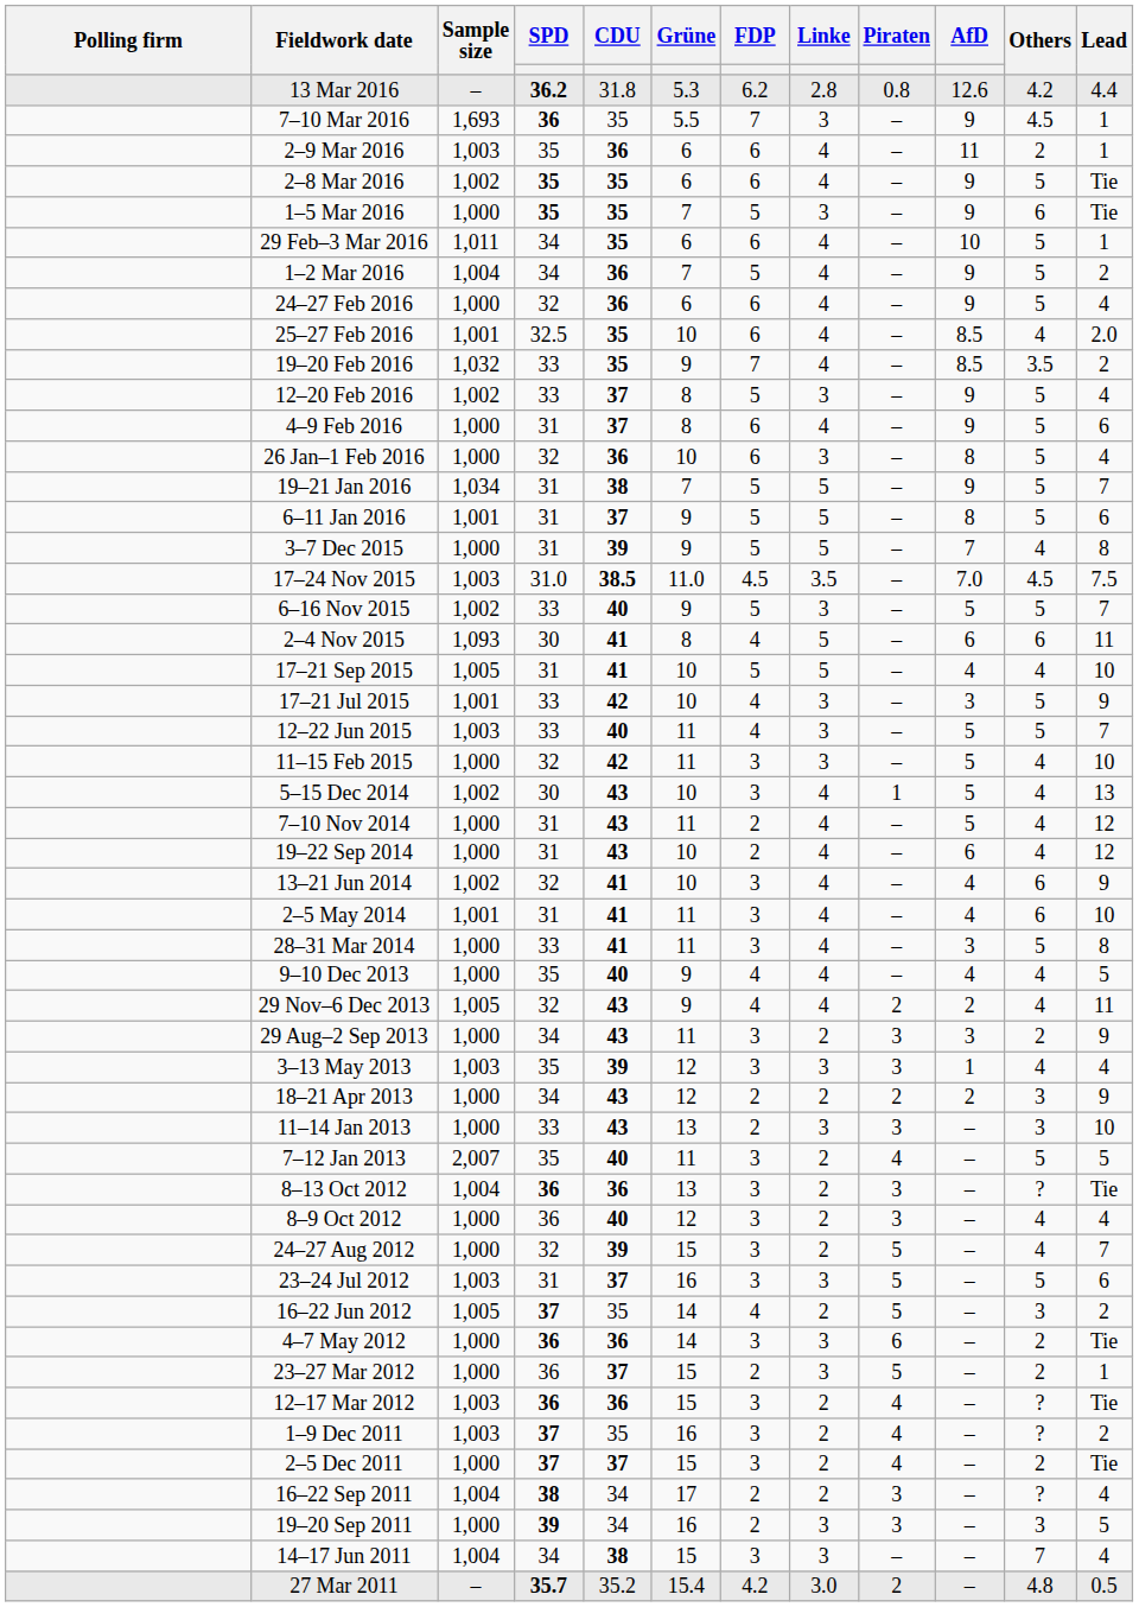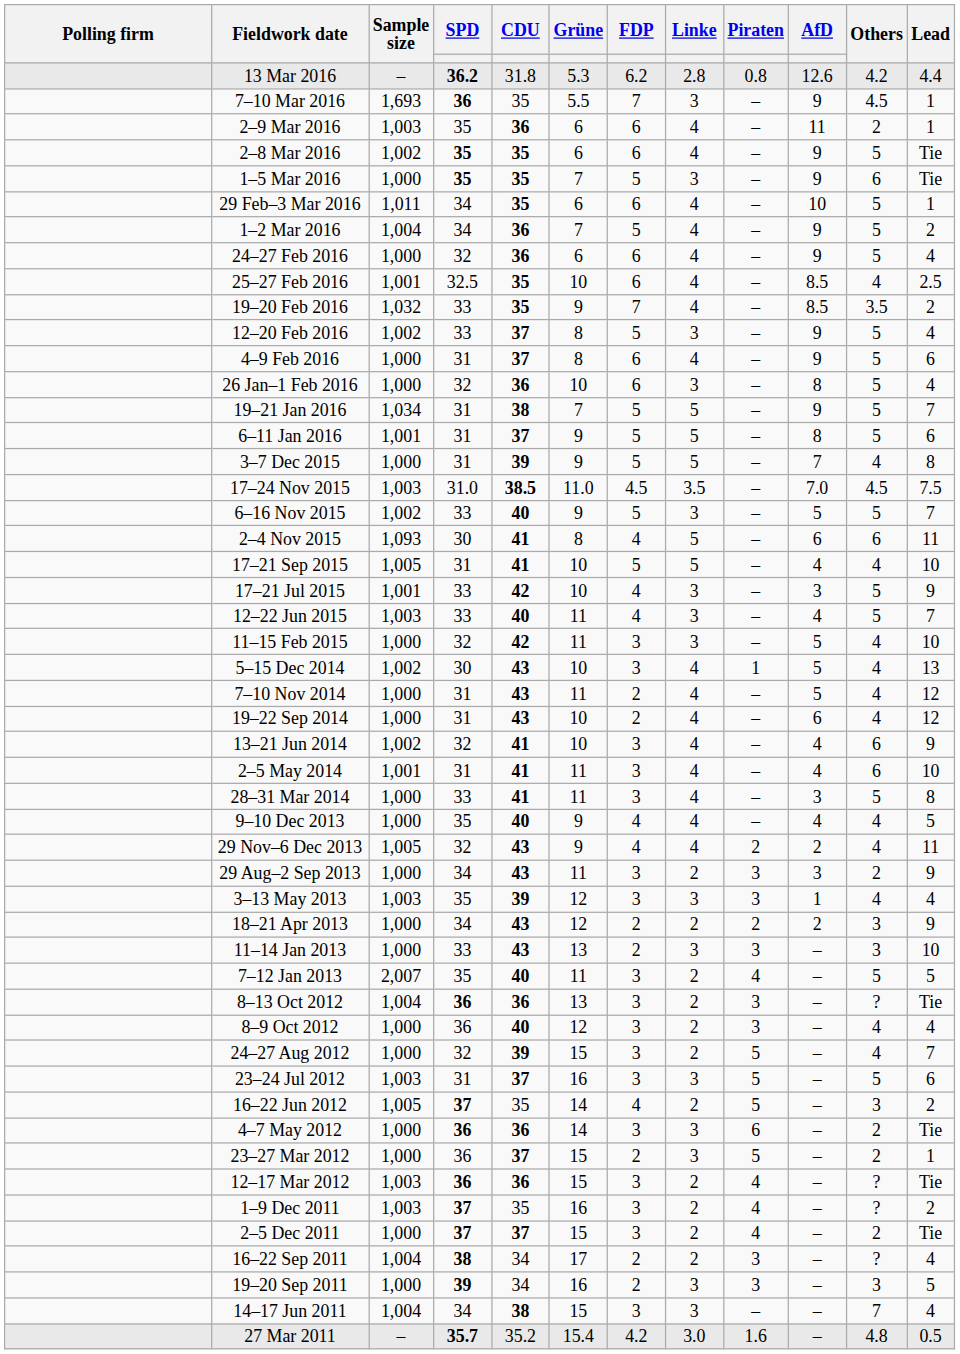 <table class="wikitable sortable" style="text-align:center;font-size:90%;line-height:14px;">
 <tr style="height:40px;">
 <th style="width:160px;" rowspan="2">Polling firm</th>
 <th style="width:120px;" rowspan="2">Fieldwork date</th>
 <th style="width:35px;" rowspan="2">Sample<br>size</th>
 <th class="unsortable" style="width:40px;"><a href='#'>SPD</a></th>
 <th class="unsortable" style="width:40px;"><a href='#'>CDU</a></th>
 <th class="unsortable" style="width:40px;"><a href='#'>Grüne</a></th>
 <th class="unsortable" style="width:40px;"><a href='#'>FDP</a></th>
 <th class="unsortable" style="width:40px;"><a href='#'>Linke</a></th>
 <th class="unsortable" style="width:40px;"><a href='#'>Piraten</a></th>
 <th class="unsortable" style="width:40px;"><a href='#'>AfD</a></th>
 <th class="unsortable" style="width:40px;" rowspan="2">Others</th>
 <th style="width:30px;" rowspan="2">Lead</th>
 </tr>
 <tr>
 <th style="background:"></th>
 <th style="background:"></th>
 <th style="background:"></th>
 <th style="background:"></th>
 <th style="background:"></th>
 <th style="background:"></th>
 <th style="background:"></th>
 </tr>
 <tr style="background:#E9E9E9;">
 <td></td>
 <td data-sort-value="2016-03-13">13 Mar 2016</td>
 <td>–</td>
 <td><strong>36.2</strong></td>
 <td>31.8</td>
 <td>5.3</td>
 <td>6.2</td>
 <td>2.8</td>
 <td>0.8</td>
 <td>12.6</td>
 <td>4.2</td>
 <td style="background:">4.4</td>
 </tr>
 <tr>
 <td></td>
 <td data-sort-value="2016-03-10">7–10 Mar 2016</td>
 <td>1,693</td>
 <td><strong>36</strong></td>
 <td>35</td>
 <td>5.5</td>
 <td>7</td>
 <td>3</td>
 <td>–</td>
 <td>9</td>
 <td>4.5</td>
 <td style="background:">1</td>
 </tr>
 <tr>
 <td></td>
 <td data-sort-value="2016-03-10">2–9 Mar 2016</td>
 <td>1,003</td>
 <td>35</td>
 <td><strong>36</strong></td>
 <td>6</td>
 <td>6</td>
 <td>4</td>
 <td>–</td>
 <td>11</td>
 <td>2</td>
 <td style="background:">1</td>
 </tr>
 <tr>
 <td></td>
 <td data-sort-value="2016-03-09">2–8 Mar 2016</td>
 <td>1,002</td>
 <td><strong>35</strong></td>
 <td><strong>35</strong></td>
 <td>6</td>
 <td>6</td>
 <td>4</td>
 <td>–</td>
 <td>9</td>
 <td>5</td>
 <td data-sort-value="0">Tie</td>
 </tr>
 <tr>
 <td></td>
 <td data-sort-value="2016-03-07">1–5 Mar 2016</td>
 <td>1,000</td>
 <td><strong>35</strong></td>
 <td><strong>35</strong></td>
 <td>7</td>
 <td>5</td>
 <td>3</td>
 <td>–</td>
 <td>9</td>
 <td>6</td>
 <td data-sort-value="0">Tie</td>
 </tr>
 <tr>
 <td></td>
 <td data-sort-value="2016-03-04">29 Feb–3 Mar 2016</td>
 <td>1,011</td>
 <td>34</td>
 <td><strong>35</strong></td>
 <td>6</td>
 <td>6</td>
 <td>4</td>
 <td>–</td>
 <td>10</td>
 <td>5</td>
 <td style="background:">1</td>
 </tr>
 <tr>
 <td></td>
 <td data-sort-value="2016-03-03">1–2 Mar 2016</td>
 <td>1,004</td>
 <td>34</td>
 <td><strong>36</strong></td>
 <td>7</td>
 <td>5</td>
 <td>4</td>
 <td>–</td>
 <td>9</td>
 <td>5</td>
 <td style="background:">2</td>
 </tr>
 <tr>
 <td></td>
 <td data-sort-value="2016-03-01">24–27 Feb 2016</td>
 <td>1,000</td>
 <td>32</td>
 <td><strong>36</strong></td>
 <td>6</td>
 <td>6</td>
 <td>4</td>
 <td>–</td>
 <td>9</td>
 <td>5</td>
 <td style="background:">4</td>
 </tr>
 <tr>
 <td></td>
 <td data-sort-value="2016-02-28">25–27 Feb 2016</td>
 <td>1,001</td>
 <td>32.5</td>
 <td><strong>35</strong></td>
 <td>10</td>
 <td>6</td>
 <td>4</td>
 <td>–</td>
 <td>8.5</td>
 <td>4</td>
-<td style="background:">2.0</td>
+<td style="background:">2.5</td>
 </tr>
 <tr>
 <td></td>
 <td data-sort-value="2016-02-22">19–20 Feb 2016</td>
 <td>1,032</td>
 <td>33</td>
 <td><strong>35</strong></td>
 <td>9</td>
 <td>7</td>
 <td>4</td>
 <td>–</td>
 <td>8.5</td>
 <td>3.5</td>
 <td style="background:">2</td>
 </tr>
 <tr>
 <td></td>
 <td data-sort-value="2016-02-25">12–20 Feb 2016</td>
 <td>1,002</td>
 <td>33</td>
 <td><strong>37</strong></td>
 <td>8</td>
 <td>5</td>
 <td>3</td>
 <td>–</td>
 <td>9</td>
 <td>5</td>
 <td style="background:">4</td>
 </tr>
 <tr>
 <td></td>
 <td data-sort-value="2016-02-11">4–9 Feb 2016</td>
 <td>1,000</td>
 <td>31</td>
 <td><strong>37</strong></td>
 <td>8</td>
 <td>6</td>
 <td>4</td>
 <td>–</td>
 <td>9</td>
 <td>5</td>
 <td style="background:">6</td>
 </tr>
 <tr>
 <td></td>
 <td data-sort-value="2016-02-05">26 Jan–1 Feb 2016</td>
 <td>1,000</td>
 <td>32</td>
 <td><strong>36</strong></td>
 <td>10</td>
 <td>6</td>
 <td>3</td>
 <td>–</td>
 <td>8</td>
 <td>5</td>
 <td style="background:">4</td>
 </tr>
 <tr>
 <td></td>
 <td data-sort-value="2016-01-22">19–21 Jan 2016</td>
 <td>1,034</td>
 <td>31</td>
 <td><strong>38</strong></td>
 <td>7</td>
 <td>5</td>
 <td>5</td>
 <td>–</td>
 <td>9</td>
 <td>5</td>
 <td style="background:">7</td>
 </tr>
 <tr>
 <td></td>
 <td data-sort-value="2016-01-14">6–11 Jan 2016</td>
 <td>1,001</td>
 <td>31</td>
 <td><strong>37</strong></td>
 <td>9</td>
 <td>5</td>
 <td>5</td>
 <td>–</td>
 <td>8</td>
 <td>5</td>
 <td style="background:">6</td>
 </tr>
 <tr>
 <td></td>
 <td data-sort-value="2015-12-10">3–7 Dec 2015</td>
 <td>1,000</td>
 <td>31</td>
 <td><strong>39</strong></td>
 <td>9</td>
 <td>5</td>
 <td>5</td>
 <td>–</td>
 <td>7</td>
 <td>4</td>
 <td style="background:">8</td>
 </tr>
 <tr>
 <td></td>
 <td data-sort-value="2015-11-25">17–24 Nov 2015</td>
 <td>1,003</td>
 <td>31.0</td>
 <td><strong>38.5</strong></td>
 <td>11.0</td>
 <td>4.5</td>
 <td>3.5</td>
 <td>–</td>
 <td>7.0</td>
 <td>4.5</td>
 <td style="background:">7.5</td>
 </tr>
 <tr>
 <td></td>
 <td data-sort-value="2015-11-19">6–16 Nov 2015</td>
 <td>1,002</td>
 <td>33</td>
 <td><strong>40</strong></td>
 <td>9</td>
 <td>5</td>
 <td>3</td>
 <td>–</td>
 <td>5</td>
 <td>5</td>
 <td style="background:">7</td>
 </tr>
 <tr>
 <td></td>
 <td data-sort-value="2015-11-06">2–4 Nov 2015</td>
 <td>1,093</td>
 <td>30</td>
 <td><strong>41</strong></td>
 <td>8</td>
 <td>4</td>
 <td>5</td>
 <td>–</td>
 <td>6</td>
 <td>6</td>
 <td style="background:">11</td>
 </tr>
 <tr>
 <td></td>
 <td data-sort-value="2015-09-24">17–21 Sep 2015</td>
 <td>1,005</td>
 <td>31</td>
 <td><strong>41</strong></td>
 <td>10</td>
 <td>5</td>
 <td>5</td>
 <td>–</td>
 <td>4</td>
 <td>4</td>
 <td style="background:">10</td>
 </tr>
 <tr>
 <td></td>
 <td data-sort-value="2015-07-23">17–21 Jul 2015</td>
 <td>1,001</td>
 <td>33</td>
 <td><strong>42</strong></td>
 <td>10</td>
 <td>4</td>
 <td>3</td>
 <td>–</td>
 <td>3</td>
 <td>5</td>
 <td style="background:">9</td>
 </tr>
 <tr>
 <td></td>
 <td data-sort-value="2015-06-26">12–22 Jun 2015</td>
 <td>1,003</td>
 <td>33</td>
 <td><strong>40</strong></td>
 <td>11</td>
 <td>4</td>
 <td>3</td>
 <td>–</td>
-<td>5</td>
+<td>4</td>
 <td>5</td>
 <td style="background:">7</td>
 </tr>
 <tr>
 <td></td>
 <td data-sort-value="2015-02-19">11–15 Feb 2015</td>
 <td>1,000</td>
 <td>32</td>
 <td><strong>42</strong></td>
 <td>11</td>
 <td>3</td>
 <td>3</td>
 <td>–</td>
 <td>5</td>
 <td>4</td>
 <td style="background:">10</td>
 </tr>
 <tr>
 <td></td>
 <td data-sort-value="2014-12-17">5–15 Dec 2014</td>
 <td>1,002</td>
 <td>30</td>
 <td><strong>43</strong></td>
 <td>10</td>
 <td>3</td>
 <td>4</td>
 <td>1</td>
 <td>5</td>
 <td>4</td>
 <td style="background:">13</td>
 </tr>
 <tr>
 <td></td>
 <td data-sort-value="2014-11-13">7–10 Nov 2014</td>
 <td>1,000</td>
 <td>31</td>
 <td><strong>43</strong></td>
 <td>11</td>
 <td>2</td>
 <td>4</td>
 <td>–</td>
 <td>5</td>
 <td>4</td>
 <td style="background:">12</td>
 </tr>
 <tr>
 <td></td>
 <td data-sort-value="2014-09-25">19–22 Sep 2014</td>
 <td>1,000</td>
 <td>31</td>
 <td><strong>43</strong></td>
 <td>10</td>
 <td>2</td>
 <td>4</td>
 <td>–</td>
 <td>6</td>
 <td>4</td>
 <td style="background:">12</td>
 </tr>
 <tr>
 <td></td>
 <td data-sort-value="2014-06-24">13–21 Jun 2014</td>
 <td>1,002</td>
 <td>32</td>
 <td><strong>41</strong></td>
 <td>10</td>
 <td>3</td>
 <td>4</td>
 <td>–</td>
 <td>4</td>
 <td>6</td>
 <td style="background:">9</td>
 </tr>
 <tr>
 <td></td>
 <td data-sort-value="2014-05-08">2–5 May 2014</td>
 <td>1,001</td>
 <td>31</td>
 <td><strong>41</strong></td>
 <td>11</td>
 <td>3</td>
 <td>4</td>
 <td>–</td>
 <td>4</td>
 <td>6</td>
 <td style="background:">10</td>
 </tr>
 <tr>
 <td></td>
 <td data-sort-value="2014-04-03">28–31 Mar 2014</td>
 <td>1,000</td>
 <td>33</td>
 <td><strong>41</strong></td>
 <td>11</td>
 <td>3</td>
 <td>4</td>
 <td>–</td>
 <td>3</td>
 <td>5</td>
 <td style="background:">8</td>
 </tr>
 <tr>
 <td></td>
 <td data-sort-value="2013-12-12">9–10 Dec 2013</td>
 <td>1,000</td>
 <td>35</td>
 <td><strong>40</strong></td>
 <td>9</td>
 <td>4</td>
 <td>4</td>
 <td>–</td>
 <td>4</td>
 <td>4</td>
 <td style="background:">5</td>
 </tr>
 <tr>
 <td></td>
 <td data-sort-value="2013-12-11">29 Nov–6 Dec 2013</td>
 <td>1,005</td>
 <td>32</td>
 <td><strong>43</strong></td>
 <td>9</td>
 <td>4</td>
 <td>4</td>
 <td>2</td>
 <td>2</td>
 <td>4</td>
 <td style="background:">11</td>
 </tr>
 <tr>
 <td></td>
 <td data-sort-value="2013-09-05">29 Aug–2 Sep 2013</td>
 <td>1,000</td>
 <td>34</td>
 <td><strong>43</strong></td>
 <td>11</td>
 <td>3</td>
 <td>2</td>
 <td>3</td>
 <td>3</td>
 <td>2</td>
 <td style="background:">9</td>
 </tr>
 <tr>
 <td></td>
 <td data-sort-value="2013-05-16">3–13 May 2013</td>
 <td>1,003</td>
 <td>35</td>
 <td><strong>39</strong></td>
 <td>12</td>
 <td>3</td>
 <td>3</td>
 <td>3</td>
 <td>1</td>
 <td>4</td>
 <td style="background:">4</td>
 </tr>
 <tr>
 <td></td>
 <td data-sort-value="2013-04-25">18–21 Apr 2013</td>
 <td>1,000</td>
 <td>34</td>
 <td><strong>43</strong></td>
 <td>12</td>
 <td>2</td>
 <td>2</td>
 <td>2</td>
 <td>2</td>
 <td>3</td>
 <td style="background:">9</td>
 </tr>
 <tr>
 <td></td>
 <td data-sort-value="2013-01-17">11–14 Jan 2013</td>
 <td>1,000</td>
 <td>33</td>
 <td><strong>43</strong></td>
 <td>13</td>
 <td>2</td>
 <td>3</td>
 <td>3</td>
 <td>–</td>
 <td>3</td>
 <td style="background:">10</td>
 </tr>
 <tr>
 <td></td>
 <td data-sort-value="2013-01-16">7–12 Jan 2013</td>
 <td>2,007</td>
 <td>35</td>
 <td><strong>40</strong></td>
 <td>11</td>
 <td>3</td>
 <td>2</td>
 <td>4</td>
 <td>–</td>
 <td>5</td>
 <td style="background:">5</td>
 </tr>
 <tr>
 <td></td>
 <td data-sort-value="2012-10-17">8–13 Oct 2012</td>
 <td>1,004</td>
 <td><strong>36</strong></td>
 <td><strong>36</strong></td>
 <td>13</td>
 <td>3</td>
 <td>2</td>
 <td>3</td>
 <td>–</td>
 <td>?</td>
 <td data-sort-value="0">Tie</td>
 </tr>
 <tr>
 <td></td>
 <td data-sort-value="2012-10-11">8–9 Oct 2012</td>
 <td>1,000</td>
 <td>36</td>
 <td><strong>40</strong></td>
 <td>12</td>
 <td>3</td>
 <td>2</td>
 <td>3</td>
 <td>–</td>
 <td>4</td>
 <td style="background:">4</td>
 </tr>
 <tr>
 <td></td>
 <td data-sort-value="2012-08-30">24–27 Aug 2012</td>
 <td>1,000</td>
 <td>32</td>
 <td><strong>39</strong></td>
 <td>15</td>
 <td>3</td>
 <td>2</td>
 <td>5</td>
 <td>–</td>
 <td>4</td>
 <td style="background:">7</td>
 </tr>
 <tr>
 <td></td>
 <td data-sort-value="2012-07-26">23–24 Jul 2012</td>
 <td>1,003</td>
 <td>31</td>
 <td><strong>37</strong></td>
 <td>16</td>
 <td>3</td>
 <td>3</td>
 <td>5</td>
 <td>–</td>
 <td>5</td>
 <td style="background:">6</td>
 </tr>
 <tr>
 <td></td>
 <td data-sort-value="2012-06-27">16–22 Jun 2012</td>
 <td>1,005</td>
 <td><strong>37</strong></td>
 <td>35</td>
 <td>14</td>
 <td>4</td>
 <td>2</td>
 <td>5</td>
 <td>–</td>
 <td>3</td>
 <td style="background:">2</td>
 </tr>
 <tr>
 <td></td>
 <td data-sort-value="2012-05-10">4–7 May 2012</td>
 <td>1,000</td>
 <td><strong>36</strong></td>
 <td><strong>36</strong></td>
 <td>14</td>
 <td>3</td>
 <td>3</td>
 <td>6</td>
 <td>–</td>
 <td>2</td>
 <td data-sort-value="0">Tie</td>
 </tr>
 <tr>
 <td></td>
 <td data-sort-value="2012-03-29">23–27 Mar 2012</td>
 <td>1,000</td>
 <td>36</td>
 <td><strong>37</strong></td>
 <td>15</td>
 <td>2</td>
 <td>3</td>
 <td>5</td>
 <td>–</td>
 <td>2</td>
 <td style="background:">1</td>
 </tr>
 <tr>
 <td></td>
 <td data-sort-value="2012-03-20">12–17 Mar 2012</td>
 <td>1,003</td>
 <td><strong>36</strong></td>
 <td><strong>36</strong></td>
 <td>15</td>
 <td>3</td>
 <td>2</td>
 <td>4</td>
 <td>–</td>
 <td>?</td>
 <td data-sort-value="0">Tie</td>
 </tr>
 <tr>
 <td></td>
 <td data-sort-value="2011-12-15">1–9 Dec 2011</td>
 <td>1,003</td>
 <td><strong>37</strong></td>
 <td>35</td>
 <td>16</td>
 <td>3</td>
 <td>2</td>
 <td>4</td>
 <td>–</td>
 <td>?</td>
 <td style="background:">2</td>
 </tr>
 <tr>
 <td></td>
 <td data-sort-value="2011-12-08">2–5 Dec 2011</td>
 <td>1,000</td>
 <td><strong>37</strong></td>
 <td><strong>37</strong></td>
 <td>15</td>
 <td>3</td>
 <td>2</td>
 <td>4</td>
 <td>–</td>
 <td>2</td>
 <td data-sort-value="0">Tie</td>
 </tr>
 <tr>
 <td></td>
 <td data-sort-value="2011-09-30">16–22 Sep 2011</td>
 <td>1,004</td>
 <td><strong>38</strong></td>
 <td>34</td>
 <td>17</td>
 <td>2</td>
 <td>2</td>
 <td>3</td>
 <td>–</td>
 <td>?</td>
 <td style="background:">4</td>
 </tr>
 <tr>
 <td></td>
 <td data-sort-value="2011-09-22">19–20 Sep 2011</td>
 <td>1,000</td>
 <td><strong>39</strong></td>
 <td>34</td>
 <td>16</td>
 <td>2</td>
 <td>3</td>
 <td>3</td>
 <td>–</td>
 <td>3</td>
 <td style="background:">5</td>
 </tr>
 <tr>
 <td></td>
 <td data-sort-value="2011-06-22">14–17 Jun 2011</td>
 <td>1,004</td>
 <td>34</td>
 <td><strong>38</strong></td>
 <td>15</td>
 <td>3</td>
 <td>3</td>
 <td>–</td>
 <td>–</td>
 <td>7</td>
 <td style="background:">4</td>
 </tr>
 <tr style="background:#E9E9E9;">
 <td></td>
 <td data-sort-value="2011-03-27">27 Mar 2011</td>
 <td>–</td>
 <td><strong>35.7</strong></td>
 <td>35.2</td>
 <td>15.4</td>
 <td>4.2</td>
 <td>3.0</td>
-<td>2</td>
+<td>1.6</td>
 <td>–</td>
 <td>4.8</td>
 <td style="background:">0.5</td>
 </tr>
 </table>
